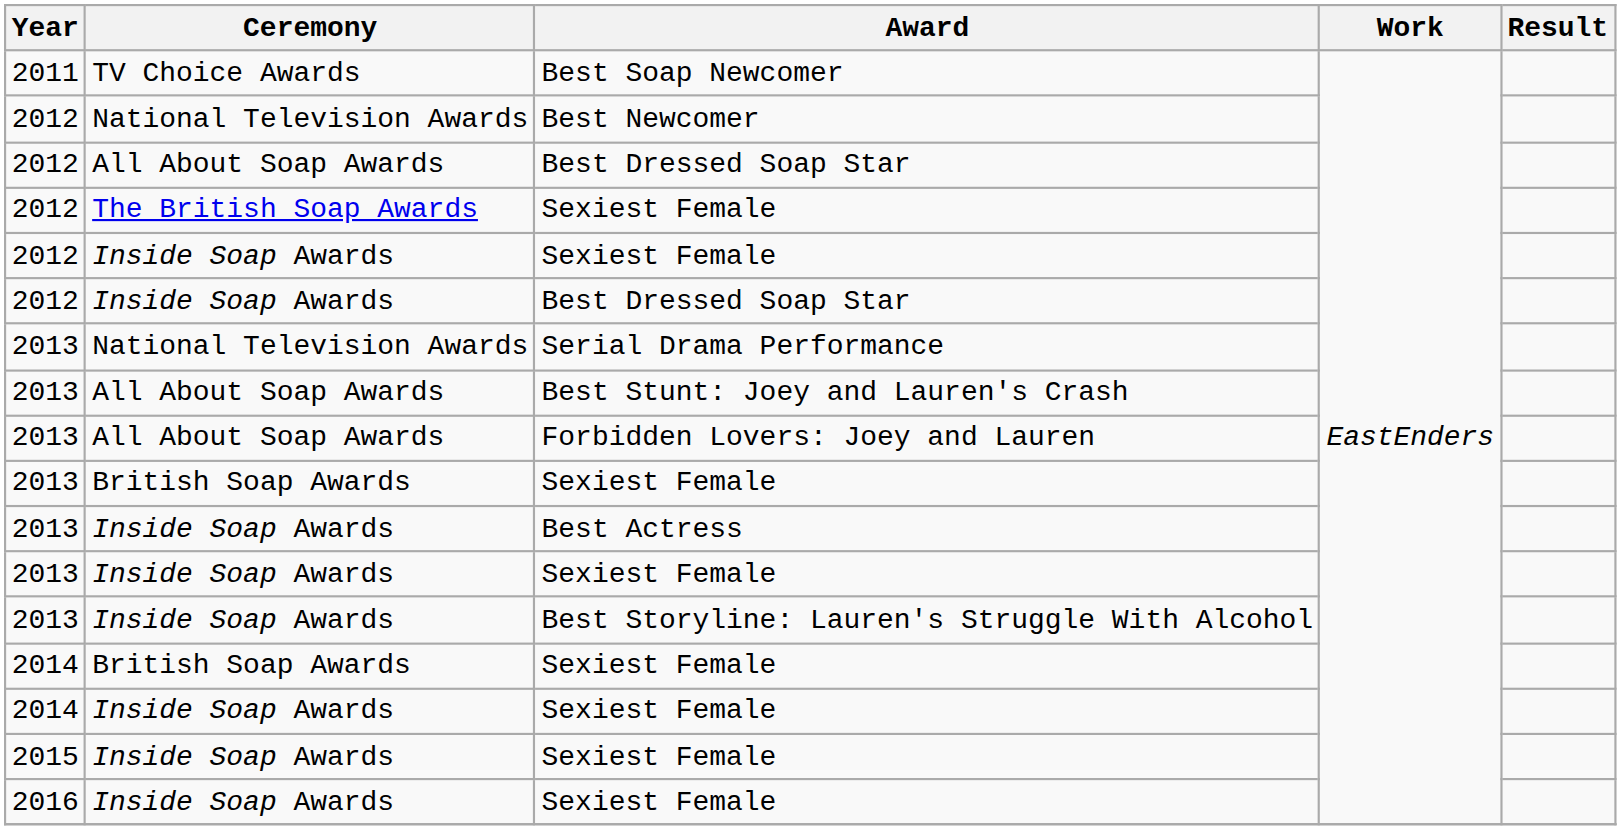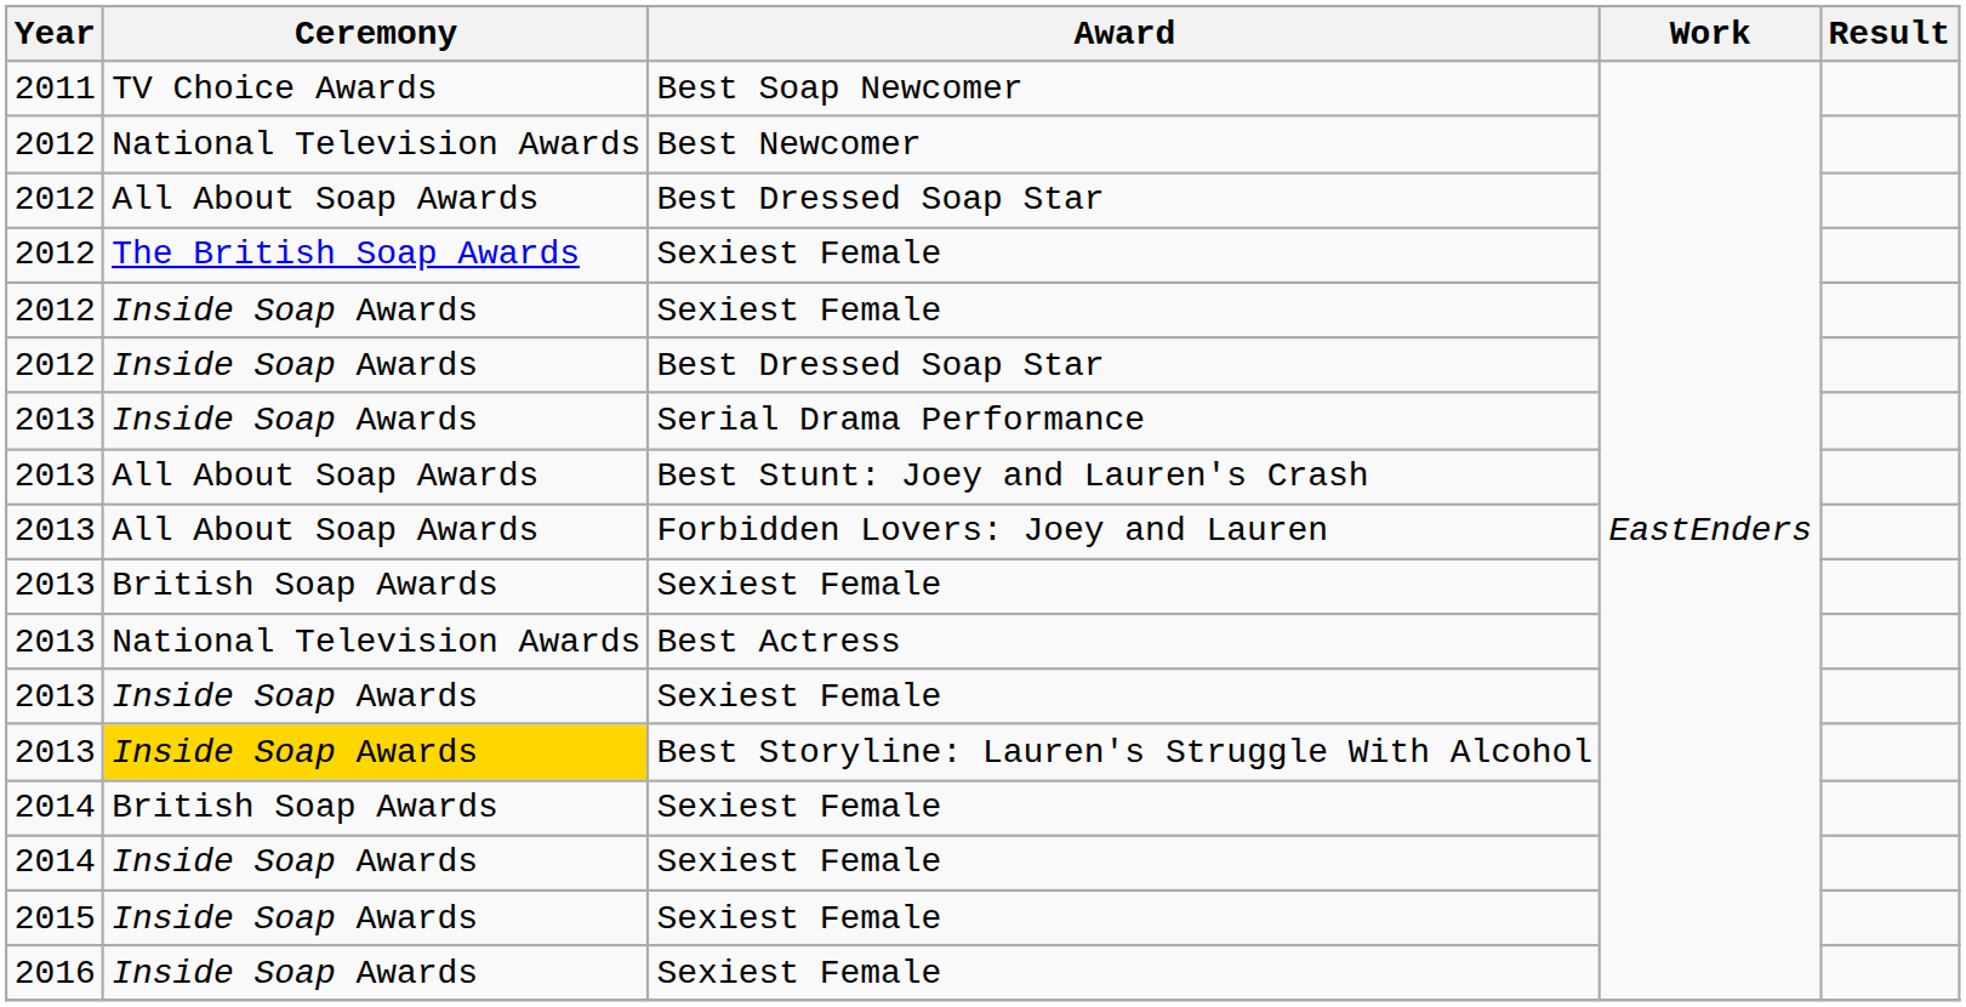 <table class="wikitable">
 <tr>
 <th>Year</th>
 <th>Ceremony</th>
 <th>Award</th>
 <th>Work</th>
 <th>Result</th>
 </tr>
 <tr>
 <td>2011</td>
 <td>TV Choice Awards</td>
 <td>Best Soap Newcomer</td>
 <td rowspan="17"><em>EastEnders</em></td>
 <td></td>
 </tr>
 <tr>
 <td>2012</td>
 <td>National Television Awards</td>
 <td>Best Newcomer</td>
 <td></td>
 </tr>
 <tr>
 <td>2012</td>
 <td>All About Soap Awards</td>
 <td>Best Dressed Soap Star</td>
 <td></td>
 </tr>
 <tr>
 <td>2012</td>
 <td><a href='#'>The British Soap Awards</a></td>
 <td>Sexiest Female</td>
 <td></td>
 </tr>
 <tr>
 <td>2012</td>
 <td><em>Inside Soap</em> Awards</td>
 <td>Sexiest Female</td>
 <td></td>
 </tr>
 <tr>
 <td>2012</td>
 <td><em>Inside Soap</em> Awards</td>
 <td>Best Dressed Soap Star</td>
 <td></td>
 </tr>
 <tr>
 <td>2013</td>
-<td>National Television Awards</td>
+<td><em>Inside Soap</em> Awards</td>
 <td>Serial Drama Performance</td>
 <td></td>
 </tr>
 <tr>
 <td>2013</td>
 <td>All About Soap Awards</td>
 <td>Best Stunt: Joey and Lauren's Crash</td>
 <td></td>
 </tr>
 <tr>
 <td>2013</td>
 <td>All About Soap Awards</td>
 <td>Forbidden Lovers: Joey and Lauren</td>
 <td></td>
 </tr>
 <tr>
 <td>2013</td>
 <td>British Soap Awards</td>
 <td>Sexiest Female</td>
 <td></td>
 </tr>
 <tr>
 <td>2013</td>
-<td><em>Inside Soap</em> Awards</td>
+<td>National Television Awards</td>
 <td>Best Actress</td>
 <td></td>
 </tr>
 <tr>
 <td>2013</td>
 <td><em>Inside Soap</em> Awards</td>
 <td>Sexiest Female</td>
 <td></td>
 </tr>
 <tr>
 <td>2013</td>
-<td><em>Inside Soap</em> Awards</td>
+<td style="background: gold;"><em>Inside Soap</em> Awards</td>
 <td>Best Storyline: Lauren's Struggle With Alcohol</td>
 <td></td>
 </tr>
 <tr>
 <td>2014</td>
 <td>British Soap Awards</td>
 <td>Sexiest Female</td>
 <td></td>
 </tr>
 <tr>
 <td>2014</td>
 <td><em>Inside Soap</em> Awards</td>
 <td>Sexiest Female</td>
 <td></td>
 </tr>
 <tr>
 <td>2015</td>
 <td><em>Inside Soap</em> Awards</td>
 <td>Sexiest Female</td>
 <td></td>
 </tr>
 <tr>
 <td>2016</td>
 <td><em>Inside Soap</em> Awards</td>
 <td>Sexiest Female</td>
 <td></td>
 </tr>
 <tr she is the best on Eastenders>
 </tr>
 </table>
